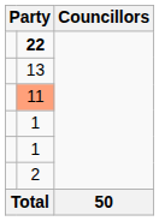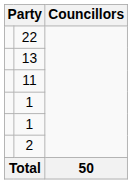 <table class="wikitable">
 <tr>
 <th colspan=2>Party</th>
 <th>Councillors</th>
 </tr>
 <tr>
 <td></td>
-<td align=center><strong>22</strong></td>
+<td align=center>22</td>
 </tr>
 <tr>
 <td></td>
 <td align=center>13</td>
 </tr>
 <tr>
 <td></td>
-<td align=center style="background: lightsalmon;">11</td>
+<td align=center>11</td>
 </tr>
 <tr>
 <td></td>
 <td align=center>1</td>
 </tr>
 <tr>
 <td></td>
 <td align=center>1</td>
 </tr>
 <tr>
 <td></td>
 <td align=center>2</td>
 </tr>
 <tr>
 <th colspan=2>Total</th>
 <th align=center>50</th>
 </tr>
 </table>
